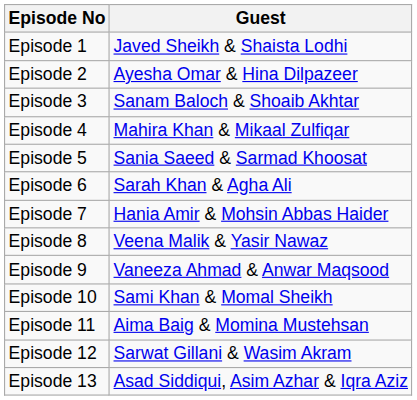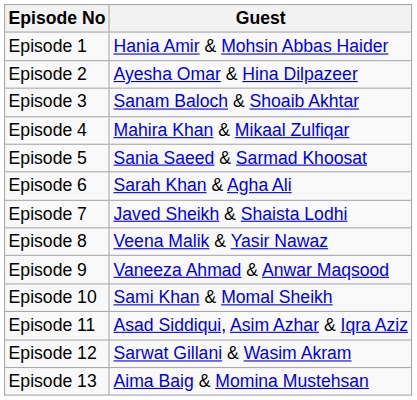 <table class="wikitable sortable">
 <tr>
 <th>Episode No</th>
 <th>Guest</th>
 </tr>
 <tr>
 <td>Episode 1</td>
-<td><a href='#'>Javed Sheikh</a> & <a href='#'>Shaista Lodhi</a></td>
+<td><a href='#'>Hania Amir</a> & <a href='#'>Mohsin Abbas Haider</a></td>
 </tr>
 <tr>
 <td>Episode 2</td>
 <td><a href='#'>Ayesha Omar</a> & <a href='#'>Hina Dilpazeer</a></td>
 </tr>
 <tr>
 <td>Episode 3</td>
 <td><a href='#'>Sanam Baloch</a> & <a href='#'>Shoaib Akhtar</a></td>
 </tr>
 <tr>
 <td>Episode 4</td>
 <td><a href='#'>Mahira Khan</a> & <a href='#'>Mikaal Zulfiqar</a></td>
 </tr>
 <tr>
 <td>Episode 5</td>
 <td><a href='#'>Sania Saeed</a> & <a href='#'>Sarmad Khoosat</a></td>
 </tr>
 <tr>
 <td>Episode 6</td>
 <td><a href='#'>Sarah Khan</a> & <a href='#'>Agha Ali</a></td>
 </tr>
 <tr>
 <td>Episode 7</td>
-<td><a href='#'>Hania Amir</a> & <a href='#'>Mohsin Abbas Haider</a></td>
+<td><a href='#'>Javed Sheikh</a> & <a href='#'>Shaista Lodhi</a></td>
 </tr>
 <tr>
 <td>Episode 8</td>
 <td><a href='#'>Veena Malik</a> & <a href='#'>Yasir Nawaz</a></td>
 </tr>
 <tr>
 <td>Episode 9</td>
 <td><a href='#'>Vaneeza Ahmad</a> & <a href='#'>Anwar Maqsood</a></td>
 </tr>
 <tr>
 <td>Episode 10</td>
 <td><a href='#'>Sami Khan</a> & <a href='#'>Momal Sheikh</a></td>
 </tr>
 <tr>
 <td>Episode 11</td>
-<td><a href='#'>Aima Baig</a> & <a href='#'>Momina Mustehsan</a></td>
+<td><a href='#'>Asad Siddiqui</a>, <a href='#'>Asim Azhar</a> & <a href='#'>Iqra Aziz</a></td>
 </tr>
 <tr>
 <td>Episode 12</td>
 <td><a href='#'>Sarwat Gillani</a> & <a href='#'>Wasim Akram</a></td>
 </tr>
 <tr>
 <td>Episode 13</td>
-<td><a href='#'>Asad Siddiqui</a>, <a href='#'>Asim Azhar</a> & <a href='#'>Iqra Aziz</a></td>
+<td><a href='#'>Aima Baig</a> & <a href='#'>Momina Mustehsan</a></td>
 </tr>
 </table>
